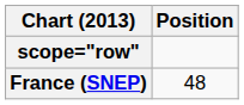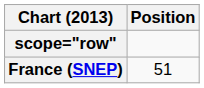 <table class="wikitable sortable plainrowheaders" style="text-align:center;">
 <tr>
 <th scope="col">Chart (2013)</th>
 <th scope="col">Position</th>
 </tr>
 <tr>
 <th>scope="row" </th>
 </tr>
 <tr>
 <th scope="row">France (<a href='#'>SNEP</a>)</th>
-<td>48</td>
+<td>51</td>
 </tr>
 </table>
